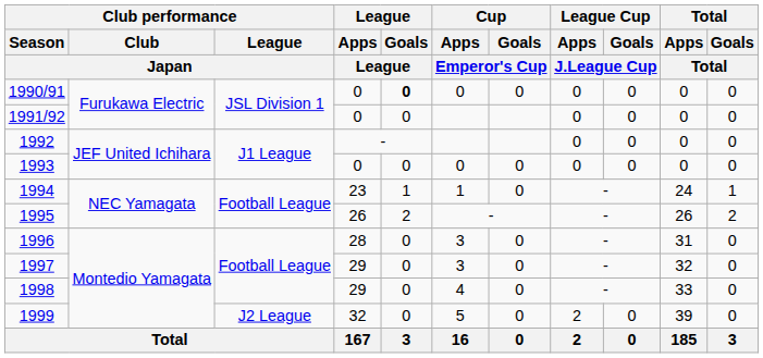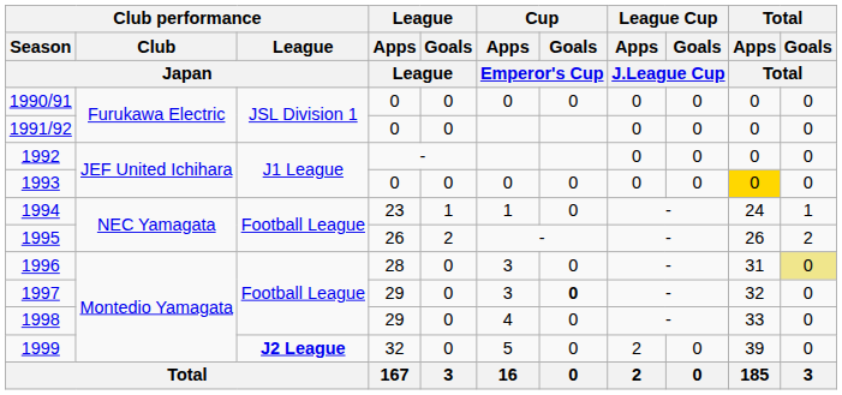 <table class="wikitable" style="text-align:center;">
 <tr>
 <th colspan=3>Club performance</th>
 <th colspan=2>League</th>
 <th colspan=2>Cup</th>
 <th colspan=2>League Cup</th>
 <th colspan=2>Total</th>
 </tr>
 <tr>
 <th>Season</th>
 <th>Club</th>
 <th>League</th>
 <th>Apps</th>
 <th>Goals</th>
 <th>Apps</th>
 <th>Goals</th>
 <th>Apps</th>
 <th>Goals</th>
 <th>Apps</th>
 <th>Goals</th>
 </tr>
 <tr>
 <th colspan=3>Japan</th>
 <th colspan=2>League</th>
 <th colspan=2><a href='#'>Emperor's Cup</a></th>
 <th colspan=2><a href='#'>J.League Cup</a></th>
 <th colspan=2>Total</th>
 </tr>
 <tr>
 <td><a href='#'>1990/91</a></td>
 <td rowspan="2"><a href='#'>Furukawa Electric</a></td>
 <td rowspan="2"><a href='#'>JSL Division 1</a></td>
 <td>0</td>
-<td><strong>0</strong></td>
+<td>0</td>
 <td>0</td>
 <td>0</td>
 <td>0</td>
 <td>0</td>
 <td>0</td>
 <td>0</td>
 </tr>
 <tr>
 <td><a href='#'>1991/92</a></td>
 <td>0</td>
 <td>0</td>
 <td></td>
 <td></td>
 <td>0</td>
 <td>0</td>
 <td>0</td>
 <td>0</td>
 </tr>
 <tr>
 <td><a href='#'>1992</a></td>
 <td rowspan="2"><a href='#'>JEF United Ichihara</a></td>
 <td rowspan="2"><a href='#'>J1 League</a></td>
 <td colspan="2">-</td>
 <td></td>
 <td></td>
 <td>0</td>
 <td>0</td>
 <td>0</td>
 <td>0</td>
 </tr>
 <tr>
 <td><a href='#'>1993</a></td>
 <td>0</td>
 <td>0</td>
 <td>0</td>
 <td>0</td>
 <td>0</td>
 <td>0</td>
-<td>0</td>
+<td style="background: gold;">0</td>
 <td>0</td>
 </tr>
 <tr>
 <td><a href='#'>1994</a></td>
 <td rowspan="2"><a href='#'>NEC Yamagata</a></td>
 <td rowspan="2"><a href='#'>Football League</a></td>
 <td>23</td>
 <td>1</td>
 <td>1</td>
 <td>0</td>
 <td colspan="2">-</td>
 <td>24</td>
 <td>1</td>
 </tr>
 <tr>
 <td><a href='#'>1995</a></td>
 <td>26</td>
 <td>2</td>
 <td colspan="2">-</td>
 <td colspan="2">-</td>
 <td>26</td>
 <td>2</td>
 </tr>
 <tr>
 <td><a href='#'>1996</a></td>
 <td rowspan="4"><a href='#'>Montedio Yamagata</a></td>
 <td rowspan="3"><a href='#'>Football League</a></td>
 <td>28</td>
 <td>0</td>
 <td>3</td>
 <td>0</td>
 <td colspan="2">-</td>
 <td>31</td>
-<td>0</td>
+<td style="background: khaki;">0</td>
 </tr>
 <tr>
 <td><a href='#'>1997</a></td>
 <td>29</td>
 <td>0</td>
 <td>3</td>
-<td>0</td>
+<td><strong>0</strong></td>
 <td colspan="2">-</td>
 <td>32</td>
 <td>0</td>
 </tr>
 <tr>
 <td><a href='#'>1998</a></td>
 <td>29</td>
 <td>0</td>
 <td>4</td>
 <td>0</td>
 <td colspan="2">-</td>
 <td>33</td>
 <td>0</td>
 </tr>
 <tr>
 <td><a href='#'>1999</a></td>
-<td><a href='#'>J2 League</a></td>
+<td><strong><a href='#'>J2 League</a></strong></td>
 <td>32</td>
 <td>0</td>
 <td>5</td>
 <td>0</td>
 <td>2</td>
 <td>0</td>
 <td>39</td>
 <td>0</td>
 </tr>
 <tr>
 <th colspan=3>Total</th>
 <th>167</th>
 <th>3</th>
 <th>16</th>
 <th>0</th>
 <th>2</th>
 <th>0</th>
 <th>185</th>
 <th>3</th>
 </tr>
 </table>
